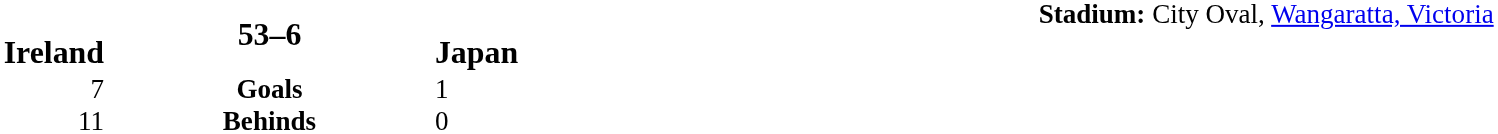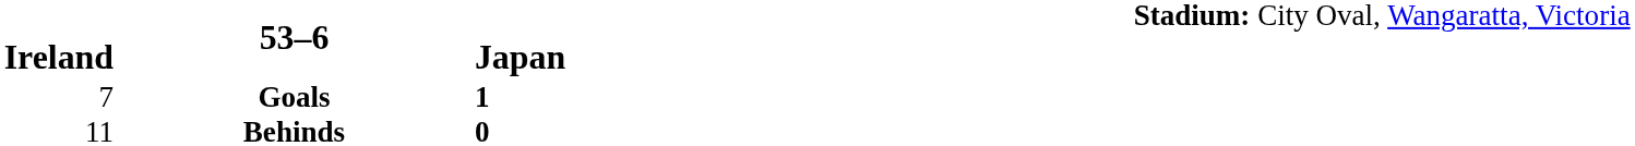 <table style="width: 100%; background: transparent;" cellspacing="0">
 <tr>
 <td align=center valign=top rowspan=3 width=15%></td>
 </tr>
 <tr>
 <td width=24% align=right><br><strong>Ireland</strong></td>
 <td align=center width=13%><strong>53–6</strong></td>
 <td width=24%><br><strong>Japan</strong></td>
 <td style=font-size:85% rowspan=2 valign=top><strong>Stadium:</strong> City Oval, <a href='#'>Wangaratta, Victoria</a></td>
 </tr>
 <tr style=font-size:85%>
 <td align=right valign=top>7<br> 11</td>
 <td align=center valign=top><strong>Goals <br>Behinds</strong></td>
-<td valign=top>1<br> 0</td>
+<td valign=top><strong>1<br> 0</strong></td>
 </tr>
 </table>
